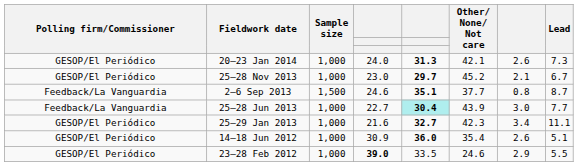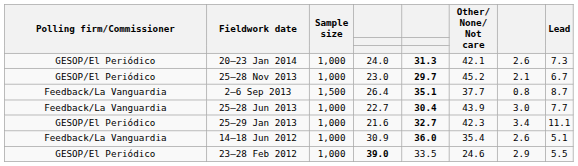 <table class="wikitable collapsible collapsed" style="text-align:center; font-size:90%; line-height:14px;">
 <tr style="height:42px;">
 <th style="width:250px;" rowspan="3">Polling firm/Commissioner</th>
 <th style="width:125px;" rowspan="3">Fieldwork date</th>
 <th style="width:50px;" rowspan="3">Sample size</th>
 <th style="width:55px;"></th>
 <th style="width:55px;"></th>
 <th style="width:55px;" rowspan="3">Other/<br>None/<br>Not<br>care</th>
 <th style="width:55px;" rowspan="3"></th>
 <th style="width:30px;" rowspan="3">Lead</th>
 </tr>
 <tr>
 <th style="color:inherit;background:"></th>
 <th style="color:inherit;background:"></th>
 </tr>
 <tr>
 <th></th>
 <th></th>
 </tr>
 <tr>
 <td>GESOP/El Periódico</td>
 <td>20–23 Jan 2014</td>
 <td>1,000</td>
 <td>24.0</td>
 <td><strong>31.3</strong></td>
 <td>42.1</td>
 <td>2.6</td>
 <td style="background:">7.3</td>
 </tr>
 <tr>
 <td>GESOP/El Periódico</td>
 <td>25–28 Nov 2013</td>
 <td>1,000</td>
 <td>23.0</td>
 <td><strong>29.7</strong></td>
 <td>45.2</td>
 <td>2.1</td>
 <td style="background:">6.7</td>
 </tr>
 <tr>
 <td>Feedback/La Vanguardia</td>
 <td>2–6 Sep 2013</td>
 <td>1,500</td>
-<td>24.6</td>
+<td>26.4</td>
 <td><strong>35.1</strong></td>
 <td>37.7</td>
 <td>0.8</td>
 <td style="background:">8.7</td>
 </tr>
 <tr>
 <td>Feedback/La Vanguardia</td>
 <td>25–28 Jun 2013</td>
 <td>1,000</td>
 <td>22.7</td>
-<td style="background: paleturquoise;"><strong>30.4</strong></td>
+<td><strong>30.4</strong></td>
 <td>43.9</td>
 <td>3.0</td>
 <td style="background:">7.7</td>
 </tr>
 <tr>
 <td>GESOP/El Periódico</td>
 <td>25–29 Jan 2013</td>
 <td>1,000</td>
 <td>21.6</td>
 <td><strong>32.7</strong></td>
 <td>42.3</td>
 <td>3.4</td>
 <td style="background:">11.1</td>
 </tr>
 <tr>
-<td>GESOP/El Periódico</td>
+<td>Feedback/La Vanguardia</td>
 <td>14–18 Jun 2012</td>
 <td>1,000</td>
 <td>30.9</td>
 <td><strong>36.0</strong></td>
 <td>35.4</td>
 <td>2.6</td>
 <td style="background:">5.1</td>
 </tr>
 <tr>
 <td>GESOP/El Periódico</td>
 <td>23–28 Feb 2012</td>
 <td>1,000</td>
 <td><strong>39.0</strong></td>
 <td>33.5</td>
 <td>24.6</td>
 <td>2.9</td>
 <td style="background:">5.5</td>
 </tr>
 </table>
